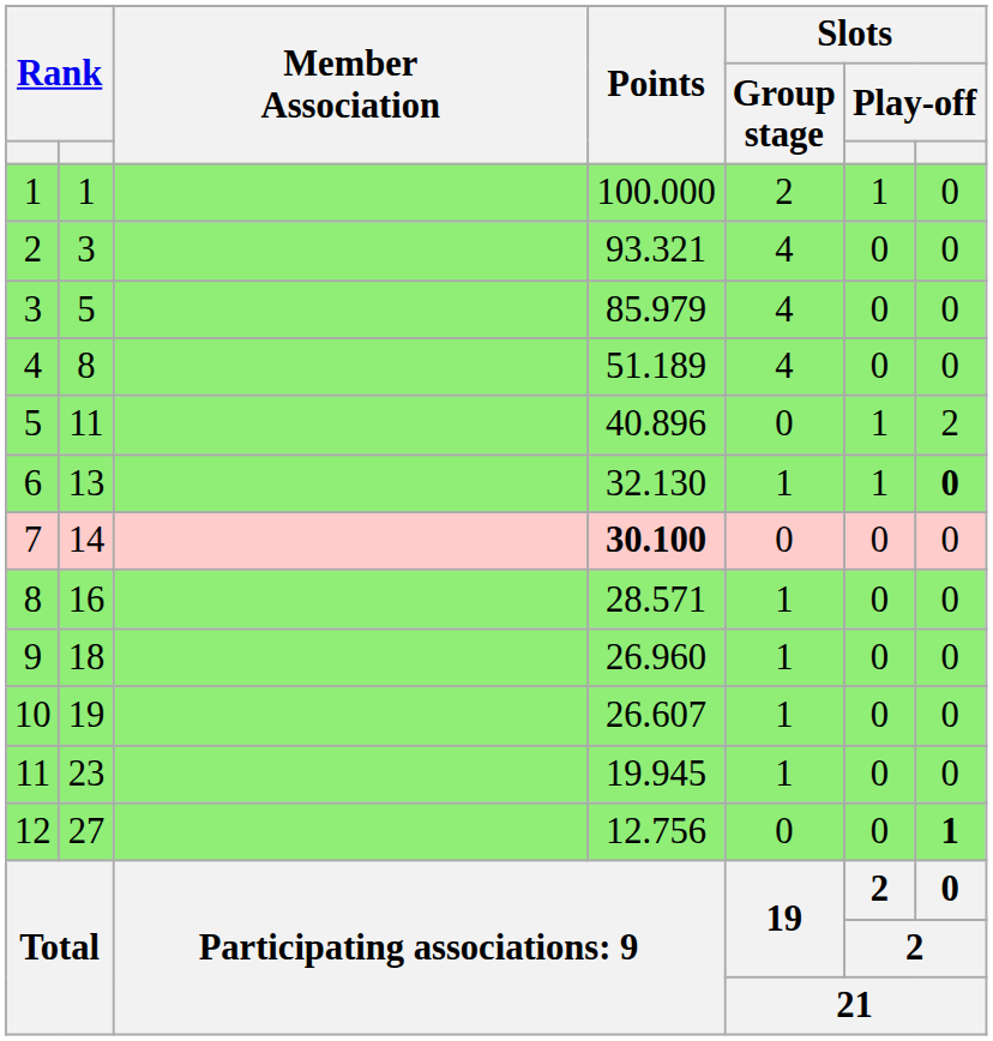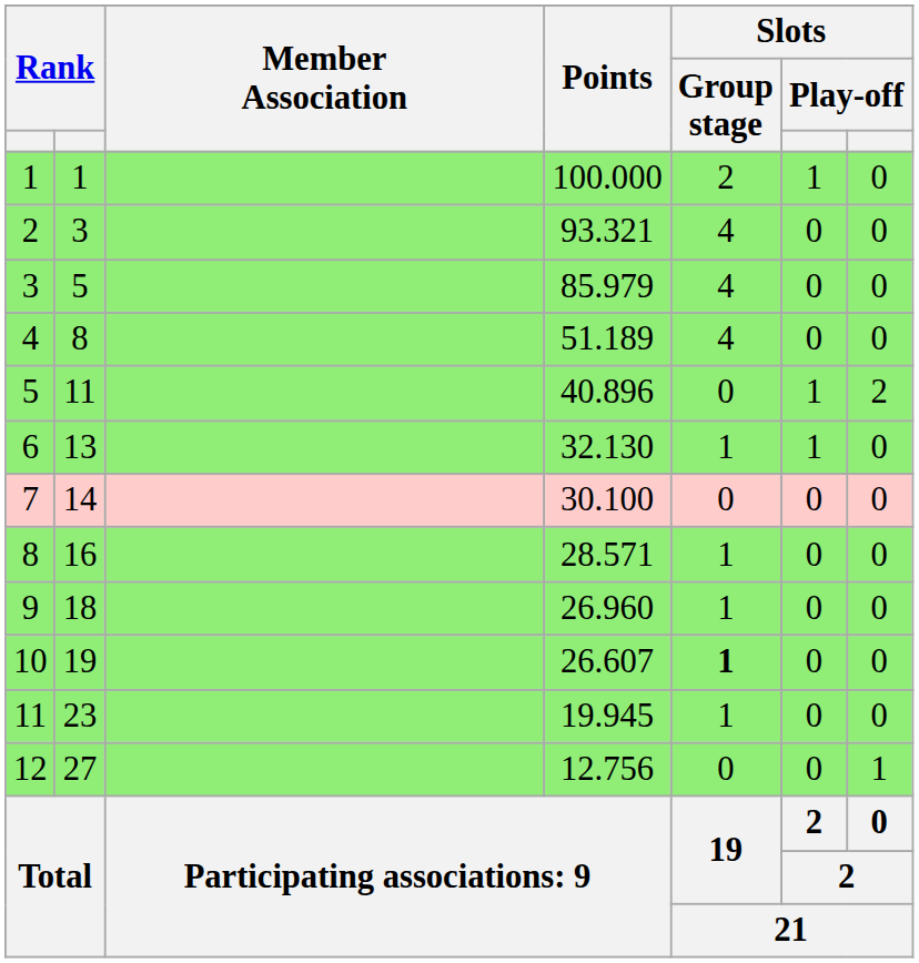 <table class="wikitable" style="text-align:center">
 <tr>
 </tr>
 <tr>
 <th colspan=2 rowspan=2><a href='#'>Rank</a></th>
 <th rowspan=3 width=200>Member<br>Association</th>
 <th rowspan=3>Points</th>
 <th colspan=4>Slots</th>
 </tr>
 <tr>
 <th rowspan=2>Group<br>stage</th>
 <th colspan=2>Play-off</th>
 </tr>
 <tr>
 <th></th>
 <th></th>
 <th></th>
 <th></th>
 </tr>
 <tr bgcolor=#90ee77>
 <td>1</td>
 <td>1</td>
 <td align=left></td>
 <td>100.000</td>
 <td>2</td>
 <td>1</td>
 <td>0</td>
 </tr>
 <tr bgcolor=#90ee77>
 <td>2</td>
 <td>3</td>
 <td align=left></td>
 <td>93.321</td>
 <td>4</td>
 <td>0</td>
 <td>0</td>
 </tr>
 <tr bgcolor=#90ee77>
 <td>3</td>
 <td>5</td>
 <td align=left></td>
 <td>85.979</td>
 <td>4</td>
 <td>0</td>
 <td>0</td>
 </tr>
 <tr bgcolor=#90ee77>
 <td>4</td>
 <td>8</td>
 <td align=left></td>
 <td>51.189</td>
 <td>4</td>
 <td>0</td>
 <td>0</td>
 </tr>
 <tr bgcolor=#90ee77>
 <td>5</td>
 <td>11</td>
 <td align=left></td>
 <td>40.896</td>
 <td>0</td>
 <td>1</td>
 <td>2</td>
 </tr>
 <tr bgcolor=#90ee77>
 <td>6</td>
 <td>13</td>
 <td align=left></td>
 <td>32.130</td>
 <td>1</td>
 <td>1</td>
-<td><strong>0</strong></td>
+<td>0</td>
 </tr>
 <tr bgcolor=ffcccc>
 <td>7</td>
 <td>14</td>
 <td align=left></td>
-<td><strong>30.100</strong></td>
+<td>30.100</td>
 <td>0</td>
 <td>0</td>
 <td>0</td>
 </tr>
 <tr bgcolor=#90ee77>
 <td>8</td>
 <td>16</td>
 <td align=left></td>
 <td>28.571</td>
 <td>1</td>
 <td>0</td>
 <td>0</td>
 </tr>
 <tr bgcolor=#90ee77>
 <td>9</td>
 <td>18</td>
 <td align=left></td>
 <td>26.960</td>
 <td>1</td>
 <td>0</td>
 <td>0</td>
 </tr>
 <tr bgcolor=#90ee77>
 <td>10</td>
 <td>19</td>
 <td align=left></td>
 <td>26.607</td>
-<td>1</td>
+<td><strong>1</strong></td>
 <td>0</td>
 <td>0</td>
 </tr>
 <tr bgcolor=#90ee77>
 <td>11</td>
 <td>23</td>
 <td align=left></td>
 <td>19.945</td>
 <td>1</td>
 <td>0</td>
 <td>0</td>
 </tr>
 <tr bgcolor=90ee77>
 <td>12</td>
 <td>27</td>
 <td align=left></td>
 <td>12.756</td>
 <td>0</td>
 <td>0</td>
-<td><strong>1</strong></td>
+<td>1</td>
 </tr>
 <tr>
 <th colspan=2 rowspan=3>Total</th>
 <th colspan=2 rowspan=3>Participating associations: 9</th>
 <th rowspan=2>19</th>
 <th>2</th>
 <th>0</th>
 </tr>
 <tr>
 <th colspan=2>2</th>
 </tr>
 <tr>
 <th colspan=3>21</th>
 </tr>
 </table>
